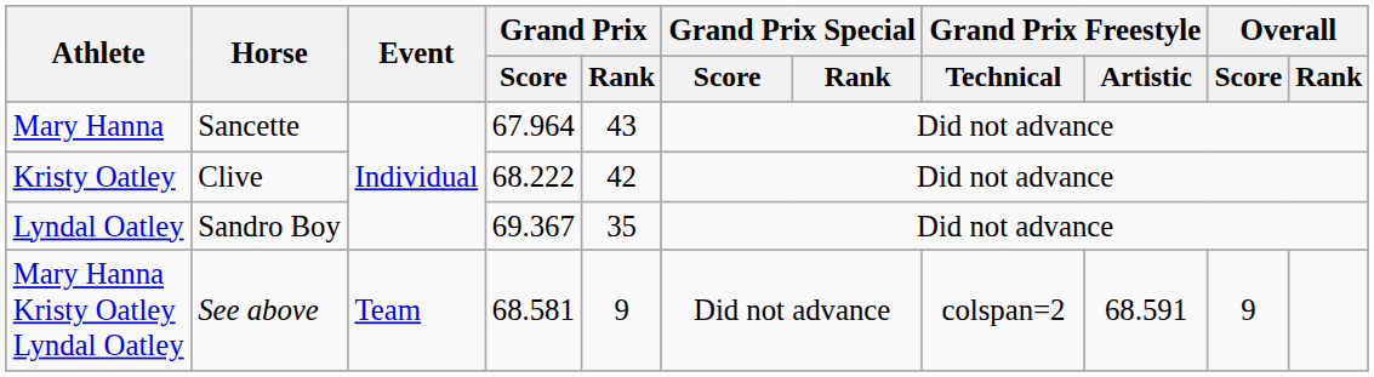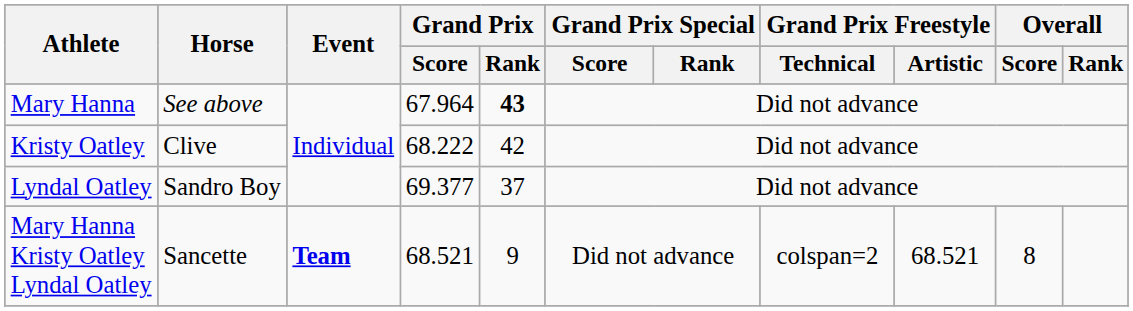 <table class=wikitable style="font-size:90%">
 <tr>
 <th rowspan="2">Athlete</th>
 <th rowspan="2">Horse</th>
 <th rowspan="2">Event</th>
 <th colspan="2">Grand Prix</th>
 <th colspan="2">Grand Prix Special</th>
 <th colspan="2">Grand Prix Freestyle</th>
 <th colspan="2">Overall</th>
 </tr>
 <tr style="font-size:95%">
 <th>Score</th>
 <th>Rank</th>
 <th>Score</th>
 <th>Rank</th>
 <th>Technical</th>
 <th>Artistic</th>
 <th>Score</th>
 <th>Rank</th>
 </tr>
 <tr align=center>
 <td align=left><a href='#'>Mary Hanna</a></td>
-<td align=left>Sancette</td>
+<td align=left><em>See above</em></td>
 <td rowspan=3 align=left><a href='#'>Individual</a></td>
 <td>67.964</td>
-<td>43</td>
+<td><strong>43</strong></td>
 <td colspan=6>Did not advance</td>
 </tr>
 <tr align=center>
 <td align=left><a href='#'>Kristy Oatley</a></td>
 <td align=left>Clive</td>
 <td>68.222</td>
 <td>42</td>
 <td colspan=6>Did not advance</td>
 </tr>
 <tr align=center>
 <td align=left><a href='#'>Lyndal Oatley</a></td>
 <td align=left>Sandro Boy</td>
-<td>69.367</td>
-<td>35</td>
+<td>69.377</td>
+<td>37</td>
 <td colspan=6>Did not advance</td>
 </tr>
 <tr align=center>
 <td align=left><a href='#'>Mary Hanna</a><br><a href='#'>Kristy Oatley</a><br><a href='#'>Lyndal Oatley</a></td>
-<td align=left><em>See above</em></td>
-<td align=left><a href='#'>Team</a></td>
-<td>68.581</td>
+<td align=left>Sancette</td>
+<td align=left><strong><a href='#'>Team</a></strong></td>
+<td>68.521</td>
 <td>9</td>
 <td colspan=2>Did not advance</td>
 <td>colspan=2 </td>
-<td>68.591</td>
-<td>9</td>
+<td>68.521</td>
+<td>8</td>
 </tr>
 </table>
